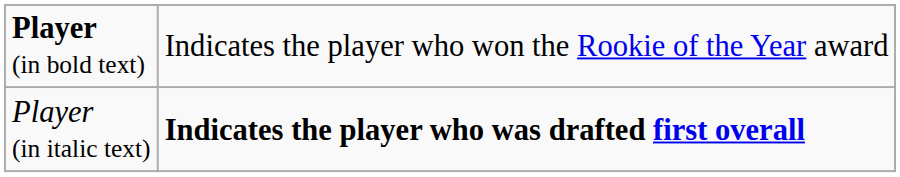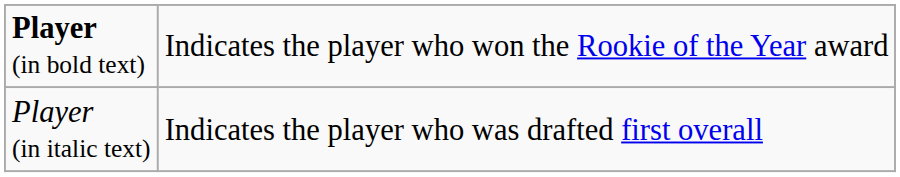 <table class="wikitable">
 <tr>
 <td><strong>Player</strong><br><small>(in bold text)</small></td>
 <td>Indicates the player who won the <a href='#'>Rookie of the Year</a> award</td>
 </tr>
 <tr>
 <td><em>Player</em><br><small>(in italic text)</small></td>
-<td><strong>Indicates the player who was drafted <a href='#'>first overall</a></strong></td>
+<td>Indicates the player who was drafted <a href='#'>first overall</a></td>
 </tr>
 </table>
